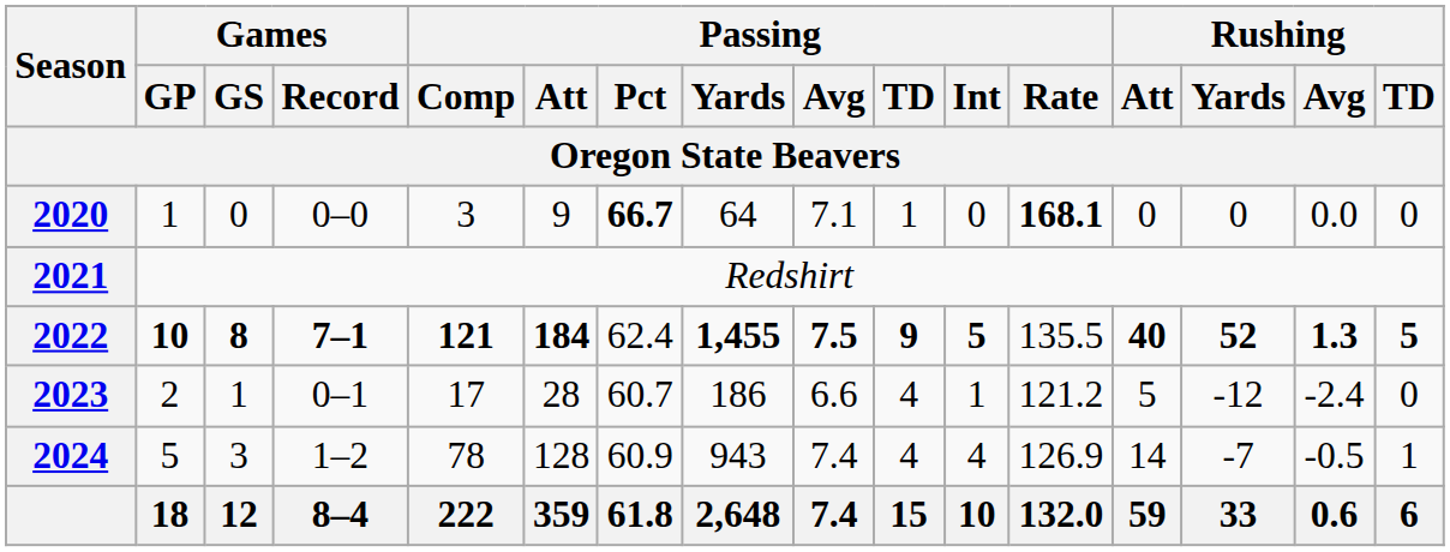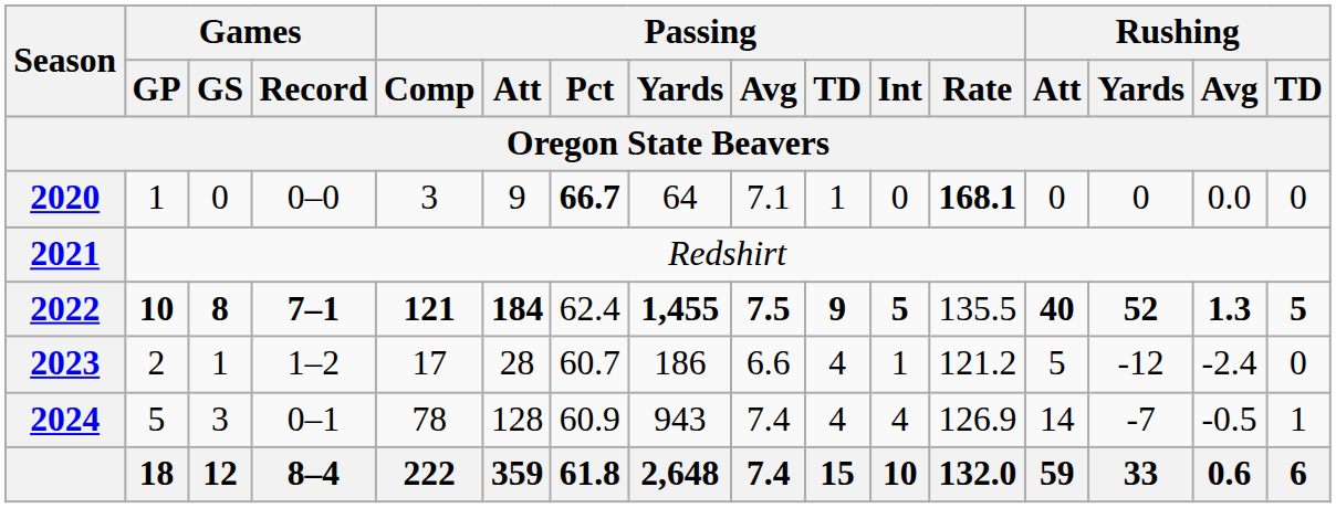 <table class="wikitable" style="text-align:center;">
 <tr>
 <th rowspan="2">Season</th>
 <th colspan="3">Games</th>
 <th colspan="8">Passing</th>
 <th colspan="5">Rushing</th>
 </tr>
 <tr>
 <th>GP</th>
 <th>GS</th>
 <th>Record</th>
 <th>Comp</th>
 <th>Att</th>
 <th>Pct</th>
 <th>Yards</th>
 <th>Avg</th>
 <th>TD</th>
 <th>Int</th>
 <th>Rate</th>
 <th>Att</th>
 <th>Yards</th>
 <th>Avg</th>
 <th>TD</th>
 </tr>
 <tr>
 <th colspan="17">Oregon State Beavers</th>
 </tr>
 <tr>
 <th><a href='#'>2020</a></th>
 <td>1</td>
 <td>0</td>
 <td>0–0</td>
 <td>3</td>
 <td>9</td>
 <td><strong>66.7</strong></td>
 <td>64</td>
 <td>7.1</td>
 <td>1</td>
 <td>0</td>
 <td><strong>168.1</strong></td>
 <td>0</td>
 <td>0</td>
 <td>0.0</td>
 <td>0</td>
 </tr>
 <tr>
 <th><a href='#'>2021</a></th>
 <td colspan="15"><em>Redshirt </em></td>
 </tr>
 <tr>
 <th><a href='#'>2022</a></th>
 <td><strong>10</strong></td>
 <td><strong>8</strong></td>
 <td><strong>7–1</strong></td>
 <td><strong>121</strong></td>
 <td><strong>184</strong></td>
 <td>62.4</td>
 <td><strong>1,455</strong></td>
 <td><strong>7.5</strong></td>
 <td><strong>9</strong></td>
 <td><strong>5</strong></td>
 <td>135.5</td>
 <td><strong>40</strong></td>
 <td><strong>52</strong></td>
 <td><strong>1.3</strong></td>
 <td><strong>5</strong></td>
 </tr>
 <tr>
 <th><a href='#'>2023</a></th>
 <td>2</td>
 <td>1</td>
-<td>0–1</td>
+<td>1–2</td>
 <td>17</td>
 <td>28</td>
 <td>60.7</td>
 <td>186</td>
 <td>6.6</td>
 <td>4</td>
 <td>1</td>
 <td>121.2</td>
 <td>5</td>
 <td>-12</td>
 <td>-2.4</td>
 <td>0</td>
 </tr>
 <tr>
 <th><a href='#'>2024</a></th>
 <td>5</td>
 <td>3</td>
-<td>1–2</td>
+<td>0–1</td>
 <td>78</td>
 <td>128</td>
 <td>60.9</td>
 <td>943</td>
 <td>7.4</td>
 <td>4</td>
 <td>4</td>
 <td>126.9</td>
 <td>14</td>
 <td>-7</td>
 <td>-0.5</td>
 <td>1</td>
 </tr>
 <tr>
 <th></th>
 <th>18</th>
 <th>12</th>
 <th>8–4</th>
 <th>222</th>
 <th>359</th>
 <th>61.8</th>
 <th>2,648</th>
 <th>7.4</th>
 <th>15</th>
 <th>10</th>
 <th>132.0</th>
 <th>59</th>
 <th>33</th>
 <th>0.6</th>
 <th>6</th>
 </tr>
 </table>
